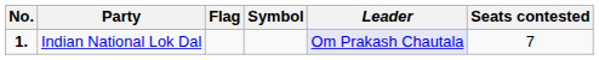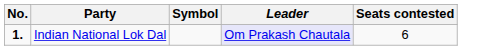 <table class="wikitable">
 <tr>
 <th>No.</th>
 <th>Party</th>
-<th><strong>Flag</strong></th>
 <th>Symbol</th>
 <th><em>Leader</em></th>
 <th>Seats contested</th>
 </tr>
 <tr>
 <td ! style="text-align:center; background:"><strong>1.</strong></td>
 <td style="text-align:center"><a href='#'>Indian National Lok Dal</a></td>
 <td></td>
-<td></td>
 <td style="background: lavender; text-align:center"><a href='#'>Om Prakash Chautala</a></td>
-<td style="text-align:center">7</td>
+<td style="text-align:center">6</td>
 </tr>
 </table>
